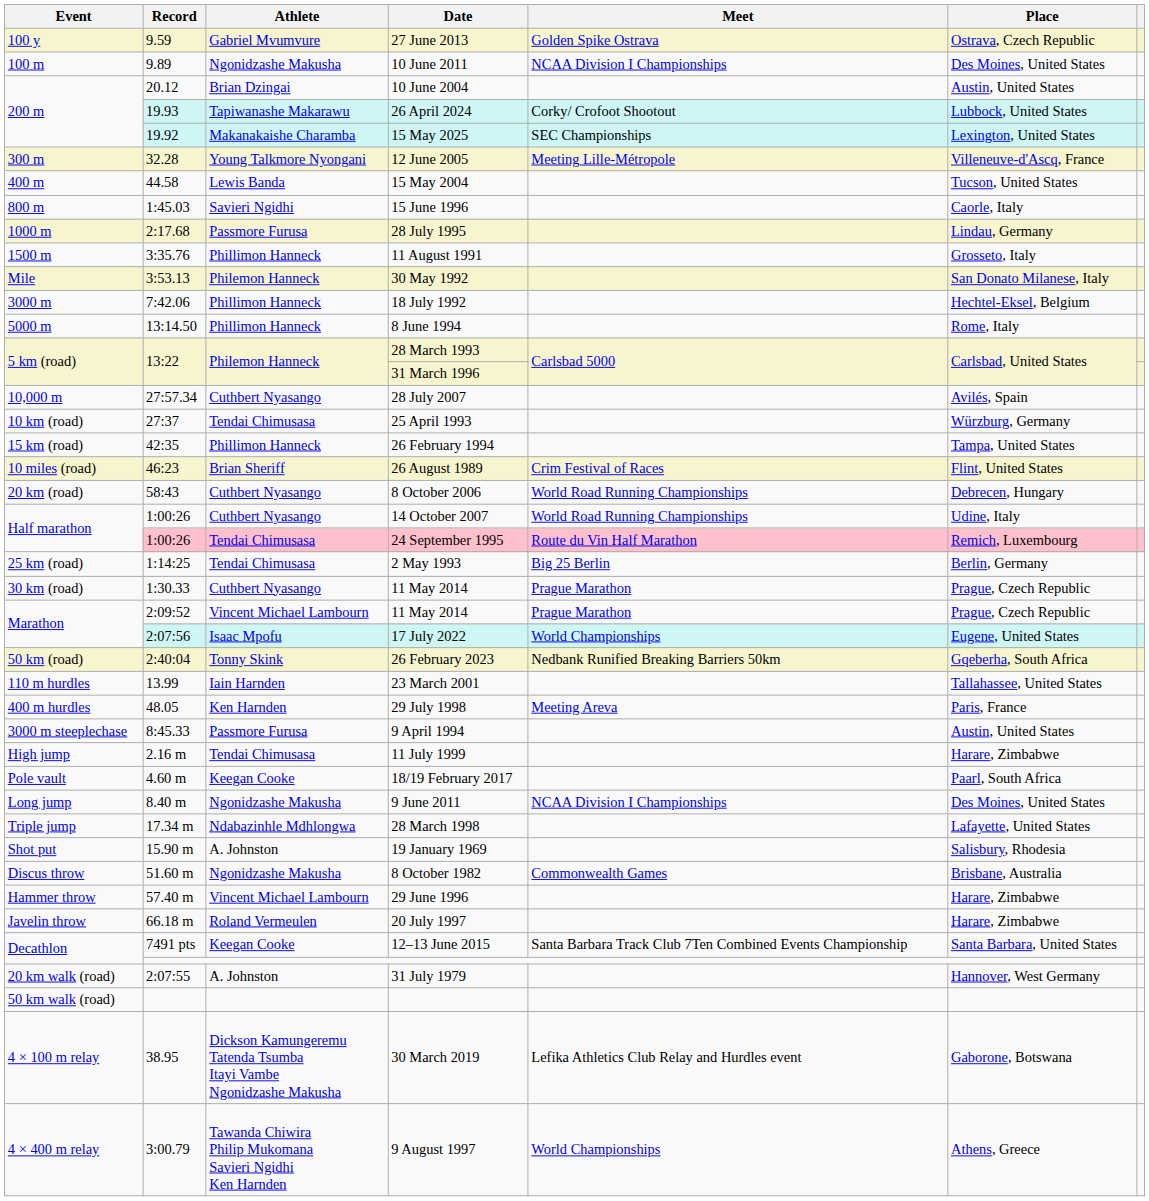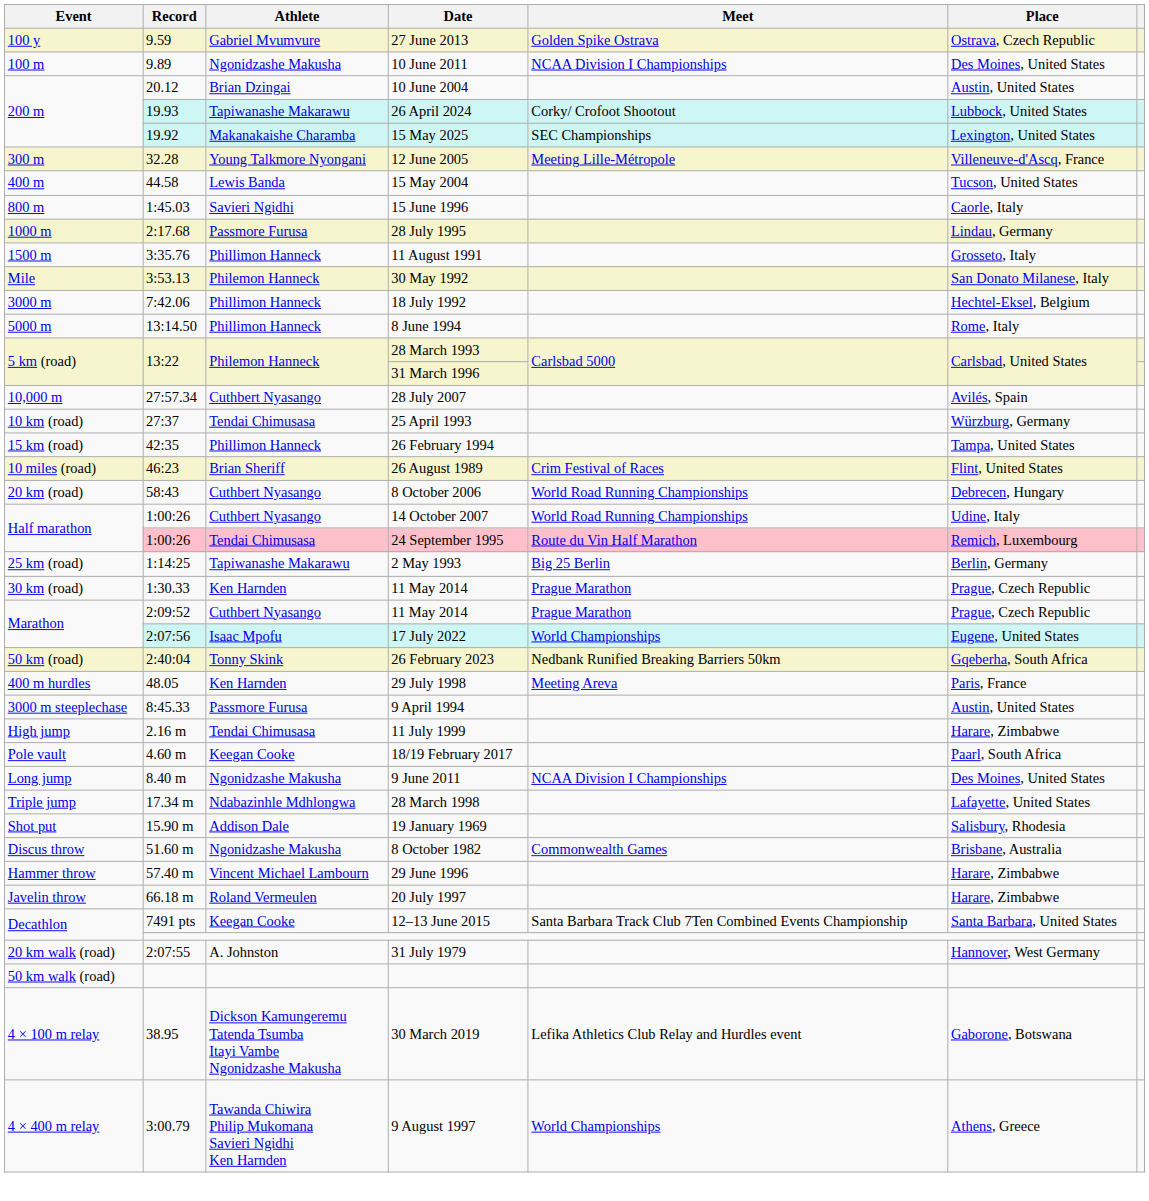 <table class="wikitable" style="font-size:95%; width: 95%;">
 <tr>
 <th>Event</th>
 <th>Record</th>
 <th>Athlete</th>
 <th>Date</th>
 <th>Meet</th>
 <th>Place</th>
 <th></th>
 </tr>
 <tr style="background:#f6F5CE;">
 <td><a href='#'>100 y</a></td>
 <td>9.59 </td>
 <td><a href='#'>Gabriel Mvumvure</a></td>
 <td>27 June 2013</td>
 <td><a href='#'>Golden Spike Ostrava</a></td>
 <td><a href='#'>Ostrava</a>, Czech Republic</td>
 <td></td>
 </tr>
 <tr>
 <td><a href='#'>100 m</a></td>
 <td>9.89 </td>
 <td><a href='#'>Ngonidzashe Makusha</a></td>
 <td>10 June 2011</td>
 <td><a href='#'>NCAA Division I Championships</a></td>
 <td><a href='#'>Des Moines</a>, United States</td>
 <td></td>
 </tr>
 <tr>
 <td rowspan=3><a href='#'>200 m</a></td>
 <td>20.12 </td>
 <td><a href='#'>Brian Dzingai</a></td>
 <td>10 June 2004</td>
 <td></td>
 <td><a href='#'>Austin</a>, United States</td>
 <td></td>
 </tr>
 <tr bgcolor=#CEF6F5>
 <td>19.93 </td>
 <td><a href='#'>Tapiwanashe Makarawu</a></td>
 <td>26 April 2024</td>
 <td>Corky/ Crofoot Shootout</td>
 <td><a href='#'>Lubbock</a>, United States</td>
 <td></td>
 </tr>
 <tr bgcolor=#CEF6F5>
 <td>19.92 </td>
 <td><a href='#'>Makanakaishe Charamba</a></td>
 <td>15 May 2025</td>
 <td>SEC Championships</td>
 <td><a href='#'>Lexington</a>, United States</td>
 <td></td>
 </tr>
 <tr style="background:#f6F5CE;">
 <td><a href='#'>300 m</a></td>
 <td>32.28</td>
 <td><a href='#'>Young Talkmore Nyongani</a></td>
 <td>12 June 2005</td>
 <td><a href='#'>Meeting Lille-Métropole</a></td>
 <td><a href='#'>Villeneuve-d'Ascq</a>, France</td>
 <td></td>
 </tr>
 <tr>
 <td><a href='#'>400 m</a></td>
 <td>44.58</td>
 <td><a href='#'>Lewis Banda</a></td>
 <td>15 May 2004</td>
 <td></td>
 <td><a href='#'>Tucson</a>, United States</td>
 <td></td>
 </tr>
 <tr>
 <td><a href='#'>800 m</a></td>
 <td>1:45.03</td>
 <td><a href='#'>Savieri Ngidhi</a></td>
 <td>15 June 1996</td>
 <td></td>
 <td><a href='#'>Caorle</a>, Italy</td>
 <td></td>
 </tr>
 <tr style="background:#f6F5CE;">
 <td><a href='#'>1000 m</a></td>
 <td>2:17.68</td>
 <td><a href='#'>Passmore Furusa</a></td>
 <td>28 July 1995</td>
 <td></td>
 <td><a href='#'>Lindau</a>, Germany</td>
 <td></td>
 </tr>
 <tr>
 <td><a href='#'>1500 m</a></td>
 <td>3:35.76</td>
 <td><a href='#'>Phillimon Hanneck</a></td>
 <td>11 August 1991</td>
 <td></td>
 <td><a href='#'>Grosseto</a>, Italy</td>
 <td></td>
 </tr>
 <tr style="background:#f6F5CE;">
 <td><a href='#'>Mile</a></td>
 <td>3:53.13</td>
 <td><a href='#'>Philemon Hanneck</a></td>
 <td>30 May 1992</td>
 <td></td>
 <td><a href='#'>San Donato Milanese</a>, Italy</td>
 <td></td>
 </tr>
 <tr>
 <td><a href='#'>3000 m</a></td>
 <td>7:42.06</td>
 <td><a href='#'>Phillimon Hanneck</a></td>
 <td>18 July 1992</td>
 <td></td>
 <td><a href='#'>Hechtel-Eksel</a>, Belgium</td>
 <td></td>
 </tr>
 <tr>
 <td><a href='#'>5000 m</a></td>
 <td>13:14.50</td>
 <td><a href='#'>Phillimon Hanneck</a></td>
 <td>8 June 1994</td>
 <td></td>
 <td><a href='#'>Rome</a>, Italy</td>
 <td></td>
 </tr>
 <tr style="background:#f6F5CE;">
 <td rowspan=2><a href='#'>5 km</a> (road)</td>
 <td rowspan=2>13:22</td>
 <td rowspan=2><a href='#'>Philemon Hanneck</a></td>
 <td>28 March 1993</td>
 <td rowspan=2><a href='#'>Carlsbad 5000</a></td>
 <td rowspan=2><a href='#'>Carlsbad</a>, United States</td>
 <td></td>
 </tr>
 <tr style="background:#f6F5CE;">
 <td>31 March 1996</td>
 <td></td>
 </tr>
 <tr>
 <td><a href='#'>10,000 m</a></td>
 <td>27:57.34</td>
 <td><a href='#'>Cuthbert Nyasango</a></td>
 <td>28 July 2007</td>
 <td></td>
 <td><a href='#'>Avilés</a>, Spain</td>
 <td></td>
 </tr>
 <tr>
 <td><a href='#'>10 km</a> (road)</td>
 <td>27:37</td>
 <td><a href='#'>Tendai Chimusasa</a></td>
 <td>25 April 1993</td>
 <td></td>
 <td><a href='#'>Würzburg</a>, Germany</td>
 <td></td>
 </tr>
 <tr>
 <td><a href='#'>15 km</a> (road)</td>
 <td>42:35</td>
 <td><a href='#'>Phillimon Hanneck</a></td>
 <td>26 February 1994</td>
 <td></td>
 <td><a href='#'>Tampa</a>, United States</td>
 <td></td>
 </tr>
 <tr style="background:#f6F5CE;">
 <td><a href='#'>10 miles</a> (road)</td>
 <td>46:23</td>
 <td><a href='#'>Brian Sheriff</a></td>
 <td>26 August 1989</td>
 <td><a href='#'>Crim Festival of Races</a></td>
 <td><a href='#'>Flint</a>, United States</td>
 <td></td>
 </tr>
 <tr>
 <td><a href='#'>20 km</a> (road)</td>
 <td>58:43</td>
 <td><a href='#'>Cuthbert Nyasango</a></td>
 <td>8 October 2006</td>
 <td><a href='#'>World Road Running Championships</a></td>
 <td><a href='#'>Debrecen</a>, Hungary</td>
 <td></td>
 </tr>
 <tr>
 <td rowspan=2><a href='#'>Half marathon</a></td>
 <td>1:00:26</td>
 <td><a href='#'>Cuthbert Nyasango</a></td>
 <td>14 October 2007</td>
 <td><a href='#'>World Road Running Championships</a></td>
 <td><a href='#'>Udine</a>, Italy</td>
 <td></td>
 </tr>
 <tr style="background:pink">
 <td>1:00:26</td>
 <td><a href='#'>Tendai Chimusasa</a></td>
 <td>24 September 1995</td>
 <td><a href='#'>Route du Vin Half Marathon</a></td>
 <td><a href='#'>Remich</a>, Luxembourg</td>
 <td></td>
 </tr>
 <tr>
 <td><a href='#'>25 km</a> (road)</td>
 <td>1:14:25</td>
-<td><a href='#'>Tendai Chimusasa</a></td>
+<td><a href='#'>Tapiwanashe Makarawu</a></td>
 <td>2 May 1993</td>
 <td><a href='#'>Big 25 Berlin</a></td>
 <td><a href='#'>Berlin</a>, Germany</td>
 <td></td>
 </tr>
 <tr>
 <td><a href='#'>30 km</a> (road)</td>
 <td>1:30.33</td>
-<td><a href='#'>Cuthbert Nyasango</a></td>
+<td><a href='#'>Ken Harnden</a></td>
 <td>11 May 2014</td>
 <td><a href='#'>Prague Marathon</a></td>
 <td><a href='#'>Prague</a>, Czech Republic</td>
 <td></td>
 </tr>
 <tr>
 <td rowspan=2><a href='#'>Marathon</a></td>
 <td>2:09:52</td>
-<td><a href='#'>Vincent Michael Lambourn</a></td>
+<td><a href='#'>Cuthbert Nyasango</a></td>
 <td>11 May 2014</td>
 <td><a href='#'>Prague Marathon</a></td>
 <td><a href='#'>Prague</a>, Czech Republic</td>
 <td></td>
 </tr>
 <tr style="background:#CEF6F5">
 <td>2:07:56</td>
 <td><a href='#'>Isaac Mpofu</a></td>
 <td>17 July 2022</td>
 <td><a href='#'>World Championships</a></td>
 <td><a href='#'>Eugene</a>, United States</td>
 <td></td>
 </tr>
 <tr style="background:#f6F5CE;">
 <td><a href='#'>50 km</a> (road)</td>
 <td>2:40:04</td>
 <td><a href='#'>Tonny Skink</a></td>
 <td>26 February 2023</td>
 <td>Nedbank Runified Breaking Barriers 50km</td>
 <td><a href='#'>Gqeberha</a>, South Africa</td>
-<td></td>
-</tr>
-<tr>
-<td><a href='#'>110 m hurdles</a></td>
-<td>13.99</td>
-<td><a href='#'>Iain Harnden</a></td>
-<td>23 March 2001</td>
-<td></td>
-<td><a href='#'>Tallahassee</a>, United States</td>
 <td></td>
 </tr>
 <tr>
 <td><a href='#'>400 m hurdles</a></td>
 <td>48.05</td>
 <td><a href='#'>Ken Harnden</a></td>
 <td>29 July 1998</td>
 <td><a href='#'>Meeting Areva</a></td>
 <td><a href='#'>Paris</a>, France</td>
 <td></td>
 </tr>
 <tr>
 <td><a href='#'>3000 m steeplechase</a></td>
 <td>8:45.33</td>
 <td><a href='#'>Passmore Furusa</a></td>
 <td>9 April 1994</td>
 <td></td>
 <td><a href='#'>Austin</a>, United States</td>
 <td></td>
 </tr>
 <tr>
 <td><a href='#'>High jump</a></td>
 <td>2.16 m</td>
 <td><a href='#'>Tendai Chimusasa</a></td>
 <td>11 July 1999</td>
 <td></td>
 <td><a href='#'>Harare</a>, Zimbabwe</td>
 <td></td>
 </tr>
 <tr>
 <td><a href='#'>Pole vault</a></td>
 <td>4.60 m</td>
 <td><a href='#'>Keegan Cooke</a></td>
 <td>18/19 February 2017</td>
 <td></td>
 <td><a href='#'>Paarl</a>, South Africa</td>
 <td></td>
 </tr>
 <tr>
 <td><a href='#'>Long jump</a></td>
 <td>8.40 m </td>
 <td><a href='#'>Ngonidzashe Makusha</a></td>
 <td>9 June 2011</td>
 <td><a href='#'>NCAA Division I Championships</a></td>
 <td><a href='#'>Des Moines</a>, United States</td>
 <td></td>
 </tr>
 <tr>
 <td><a href='#'>Triple jump</a></td>
 <td>17.34 m </td>
 <td><a href='#'>Ndabazinhle Mdhlongwa</a></td>
 <td>28 March 1998</td>
 <td></td>
 <td><a href='#'>Lafayette</a>, United States</td>
 <td></td>
 </tr>
 <tr>
 <td><a href='#'>Shot put</a></td>
 <td>15.90 m</td>
-<td>A. Johnston</td>
+<td><a href='#'>Addison Dale</a></td>
 <td>19 January 1969</td>
 <td></td>
 <td><a href='#'>Salisbury</a>, Rhodesia</td>
 <td></td>
 </tr>
 <tr>
 <td><a href='#'>Discus throw</a></td>
 <td>51.60 m</td>
 <td><a href='#'>Ngonidzashe Makusha</a></td>
 <td>8 October 1982</td>
 <td><a href='#'>Commonwealth Games</a></td>
 <td><a href='#'>Brisbane</a>, Australia</td>
 <td></td>
 </tr>
 <tr>
 <td><a href='#'>Hammer throw</a></td>
 <td>57.40 m</td>
 <td><a href='#'>Vincent Michael Lambourn</a></td>
 <td>29 June 1996</td>
 <td></td>
 <td><a href='#'>Harare</a>, Zimbabwe</td>
 <td></td>
 </tr>
 <tr>
 <td><a href='#'>Javelin throw</a></td>
 <td>66.18 m</td>
 <td><a href='#'>Roland Vermeulen</a></td>
 <td>20 July 1997</td>
 <td></td>
 <td><a href='#'>Harare</a>, Zimbabwe</td>
 <td></td>
 </tr>
 <tr>
 <td rowspan=2><a href='#'>Decathlon</a></td>
 <td>7491 pts</td>
 <td><a href='#'>Keegan Cooke</a></td>
 <td>12–13 June 2015</td>
 <td>Santa Barbara Track Club 7Ten Combined Events Championship</td>
 <td><a href='#'>Santa Barbara</a>, United States</td>
 <td></td>
 </tr>
 <tr>
 <td colspan=5></td>
 <td></td>
 </tr>
 <tr>
 <td><a href='#'>20 km walk</a> (road)</td>
 <td>2:07:55</td>
 <td>A. Johnston</td>
 <td>31 July 1979</td>
 <td></td>
 <td><a href='#'>Hannover</a>, West Germany</td>
 <td></td>
 </tr>
 <tr>
 <td><a href='#'>50 km walk</a> (road)</td>
 <td></td>
 <td></td>
 <td></td>
 <td></td>
 <td></td>
 <td></td>
 </tr>
 <tr>
 <td><a href='#'>4 × 100 m relay</a></td>
 <td>38.95 </td>
 <td><br><a href='#'>Dickson Kamungeremu</a><br><a href='#'>Tatenda Tsumba</a><br><a href='#'>Itayi Vambe</a><br><a href='#'>Ngonidzashe Makusha</a></td>
 <td>30 March 2019</td>
 <td>Lefika Athletics Club Relay and Hurdles event</td>
 <td><a href='#'>Gaborone</a>, Botswana</td>
 <td></td>
 </tr>
 <tr>
 <td><a href='#'>4 × 400 m relay</a></td>
 <td>3:00.79</td>
 <td><br><a href='#'>Tawanda Chiwira</a><br><a href='#'>Philip Mukomana</a><br><a href='#'>Savieri Ngidhi</a><br><a href='#'>Ken Harnden</a></td>
 <td>9 August 1997</td>
 <td><a href='#'>World Championships</a></td>
 <td><a href='#'>Athens</a>, Greece</td>
 <td></td>
 </tr>
 </table>
